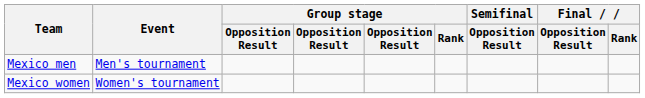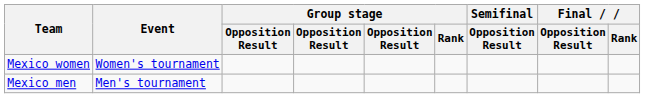 <table class=wikitable style=font-size:90%;text-align:center>
 <tr>
 <th rowspan=2>Team</th>
 <th rowspan=2>Event</th>
 <th colspan=4>Group stage</th>
 <th>Semifinal</th>
 <th colspan=2>Final /  / </th>
 </tr>
 <tr style=font-size:95%>
 <th>Opposition<br>Result</th>
 <th>Opposition<br>Result</th>
 <th>Opposition<br>Result</th>
 <th>Rank</th>
 <th>Opposition<br>Result</th>
 <th>Opposition<br>Result</th>
 <th>Rank</th>
 </tr>
 <tr>
+<td align=left><a href='#'>Mexico women</a></td>
+<td align=left><a href='#'>Women's tournament</a></td>
+<td></td>
+<td></td>
+<td></td>
+<td></td>
+<td></td>
+<td></td>
+<td></td>
+</tr>
+<tr>
 <td align=left><a href='#'>Mexico men</a></td>
 <td align=left><a href='#'>Men's tournament</a></td>
 <td></td>
 <td></td>
 <td></td>
 <td></td>
 <td></td>
 <td></td>
 <td></td>
 </tr>
-<tr>
-<td align=left><a href='#'>Mexico women</a></td>
-<td align=left><a href='#'>Women's tournament</a></td>
-<td></td>
-<td></td>
-<td></td>
-<td></td>
-<td></td>
-<td></td>
-<td></td>
-</tr>
 </table>
